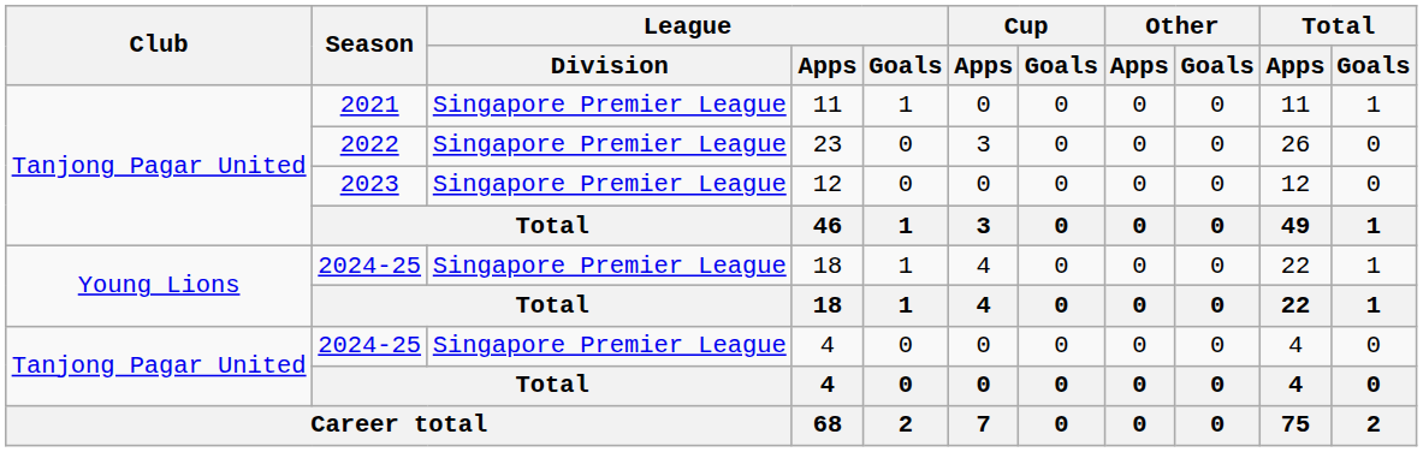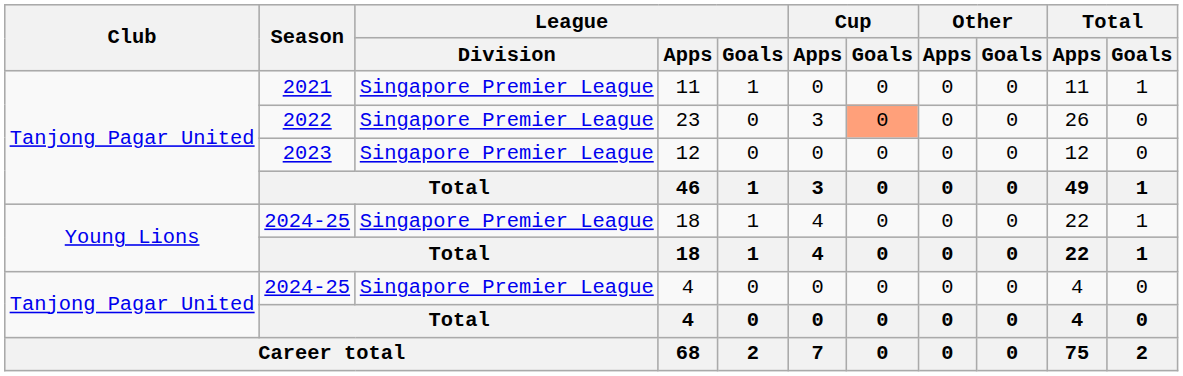 <table class="wikitable" style="text-align: center">
 <tr>
 <th rowspan="2">Club</th>
 <th rowspan="2">Season</th>
 <th colspan="3">League</th>
 <th colspan="2">Cup</th>
 <th colspan="2">Other</th>
 <th colspan="2">Total</th>
 </tr>
 <tr>
 <th>Division</th>
 <th>Apps</th>
 <th>Goals</th>
 <th>Apps</th>
 <th>Goals</th>
 <th>Apps</th>
 <th>Goals</th>
 <th>Apps</th>
 <th>Goals</th>
 </tr>
 <tr>
 <td rowspan="4"><a href='#'>Tanjong Pagar United</a></td>
 <td><a href='#'>2021</a></td>
 <td><a href='#'>Singapore Premier League</a></td>
 <td>11</td>
 <td>1</td>
 <td>0</td>
 <td>0</td>
 <td>0</td>
 <td>0</td>
 <td>11</td>
 <td>1</td>
 </tr>
 <tr>
 <td><a href='#'>2022</a></td>
 <td><a href='#'>Singapore Premier League</a></td>
 <td>23</td>
 <td>0</td>
 <td>3</td>
-<td>0</td>
+<td style="background: lightsalmon;">0</td>
 <td>0</td>
 <td>0</td>
 <td>26</td>
 <td>0</td>
 </tr>
 <tr>
 <td><a href='#'>2023</a></td>
 <td><a href='#'>Singapore Premier League</a></td>
 <td>12</td>
 <td>0</td>
 <td>0</td>
 <td>0</td>
 <td>0</td>
 <td>0</td>
 <td>12</td>
 <td>0</td>
 </tr>
 <tr>
 <th colspan=2>Total</th>
 <th>46</th>
 <th>1</th>
 <th>3</th>
 <th>0</th>
 <th>0</th>
 <th>0</th>
 <th>49</th>
 <th>1</th>
 </tr>
 <tr>
 <td rowspan="2"><a href='#'>Young Lions</a></td>
 <td><a href='#'>2024-25</a></td>
 <td><a href='#'>Singapore Premier League</a></td>
 <td>18</td>
 <td>1</td>
 <td>4</td>
 <td>0</td>
 <td>0</td>
 <td>0</td>
 <td>22</td>
 <td>1</td>
 </tr>
 <tr>
 <th colspan=2>Total</th>
 <th>18</th>
 <th>1</th>
 <th>4</th>
 <th>0</th>
 <th>0</th>
 <th>0</th>
 <th>22</th>
 <th>1</th>
 </tr>
 <tr>
 <td rowspan="2"><a href='#'>Tanjong Pagar United</a></td>
 <td><a href='#'>2024-25</a></td>
 <td><a href='#'>Singapore Premier League</a></td>
 <td>4</td>
 <td>0</td>
 <td>0</td>
 <td>0</td>
 <td>0</td>
 <td>0</td>
 <td>4</td>
 <td>0</td>
 </tr>
 <tr>
 <th colspan=2>Total</th>
 <th>4</th>
 <th>0</th>
 <th>0</th>
 <th>0</th>
 <th>0</th>
 <th>0</th>
 <th>4</th>
 <th>0</th>
 </tr>
 <tr>
 <th colspan=3>Career total</th>
 <th>68</th>
 <th>2</th>
 <th>7</th>
 <th>0</th>
 <th>0</th>
 <th>0</th>
 <th>75</th>
 <th>2</th>
 </tr>
 </table>
